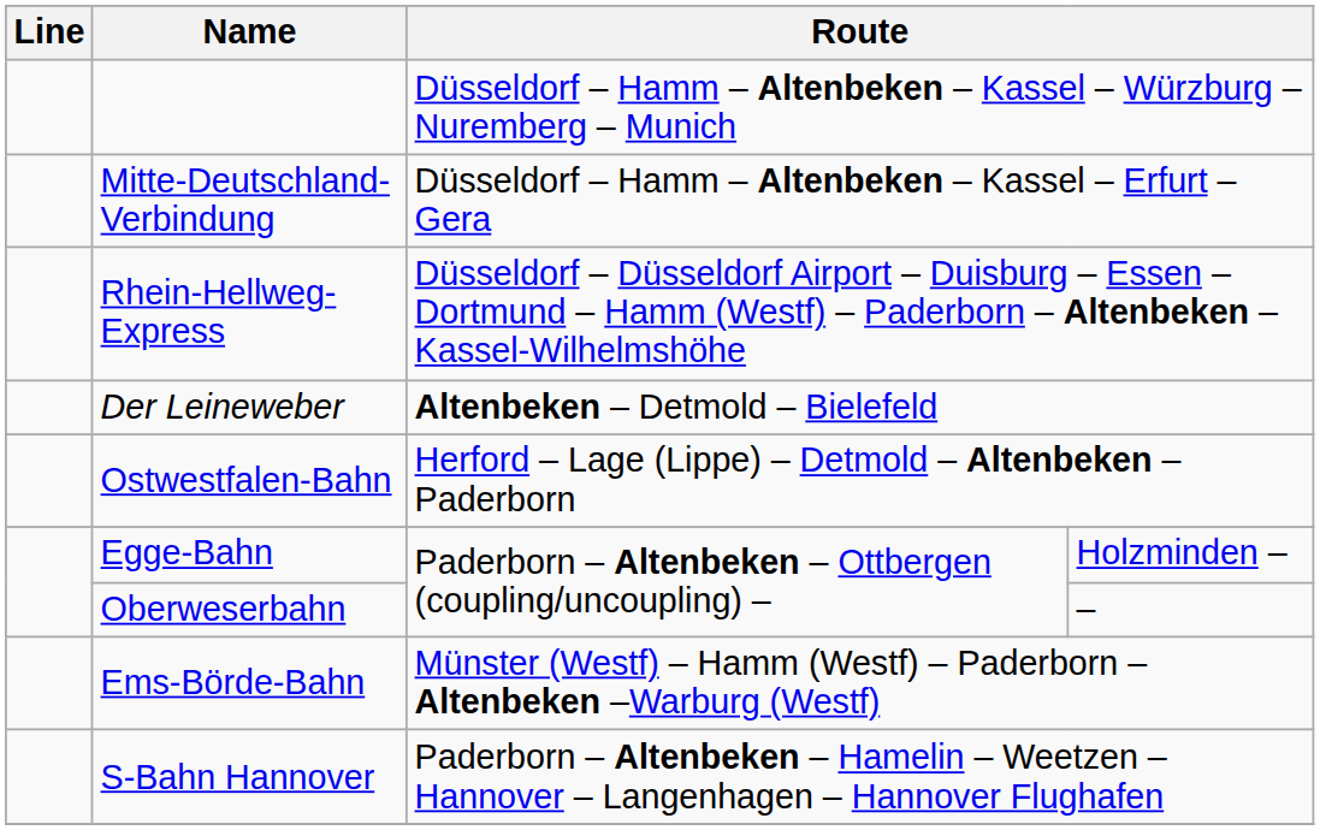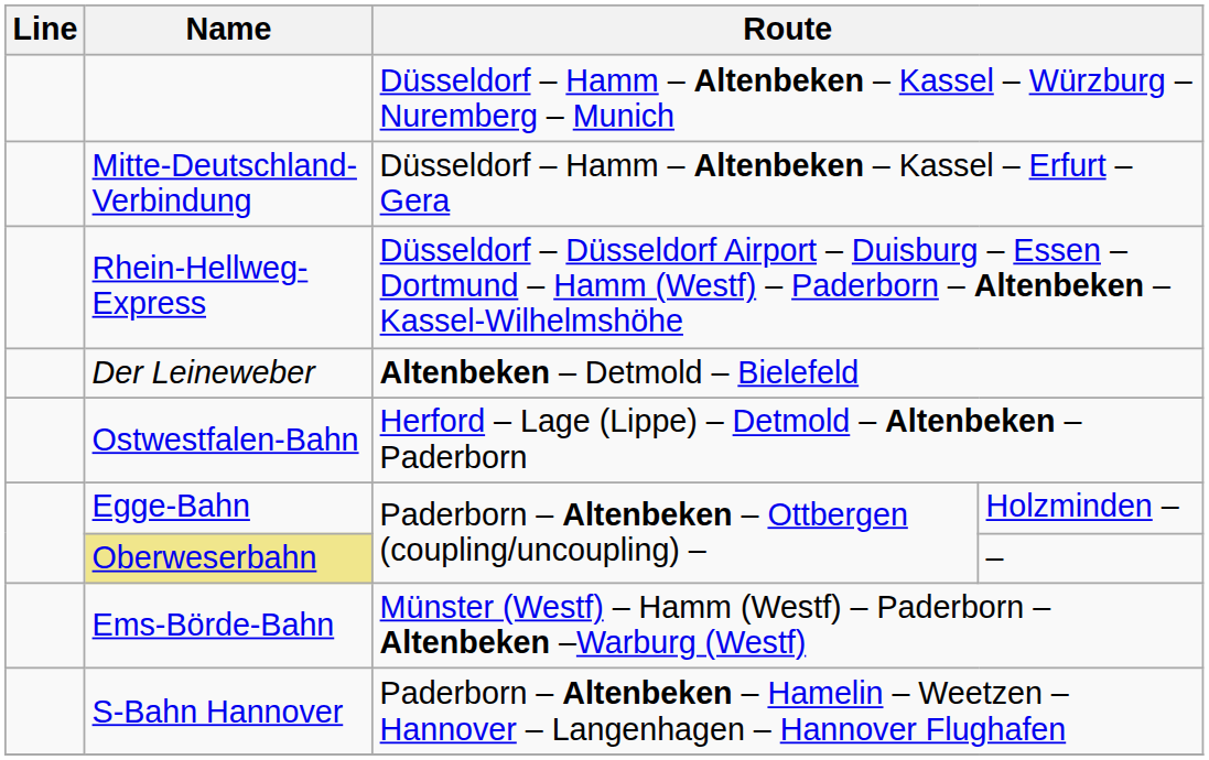 <table class="wikitable">
 <tr>
 <th>Line</th>
 <th>Name</th>
 <th colspan="2">Route</th>
 </tr>
 <tr>
 <td></td>
 <td></td>
 <td colspan="2"><a href='#'>Düsseldorf</a> – <a href='#'>Hamm</a> – <strong>Altenbeken</strong> – <a href='#'>Kassel</a> – <a href='#'>Würzburg</a> – <a href='#'>Nuremberg</a> – <a href='#'>Munich</a></td>
 </tr>
 <tr>
 <td></td>
 <td><a href='#'>Mitte-Deutschland-Verbindung</a></td>
 <td colspan="2">Düsseldorf – Hamm – <strong>Altenbeken</strong> – Kassel – <a href='#'>Erfurt</a> – <a href='#'>Gera</a></td>
 </tr>
 <tr>
 <td></td>
 <td><a href='#'>Rhein-Hellweg-Express</a></td>
 <td colspan="2"><a href='#'>Düsseldorf</a> – <a href='#'>Düsseldorf Airport</a> – <a href='#'>Duisburg</a> – <a href='#'>Essen</a> – <a href='#'>Dortmund</a> – <a href='#'>Hamm (Westf)</a> – <a href='#'>Paderborn</a> – <strong>Altenbeken</strong> – <a href='#'>Kassel-Wilhelmshöhe</a></td>
 </tr>
 <tr>
 <td></td>
 <td><em>Der Leineweber</em></td>
 <td colspan="2"><strong>Altenbeken</strong> – Detmold – <a href='#'>Bielefeld</a></td>
 </tr>
 <tr>
 <td></td>
 <td><a href='#'>Ostwestfalen-Bahn</a></td>
 <td colspan="2"><a href='#'>Herford</a> – Lage (Lippe) – <a href='#'>Detmold</a> – <strong>Altenbeken</strong> – Paderborn</td>
 </tr>
 <tr>
 <td rowspan="2"><br></td>
 <td><a href='#'>Egge-Bahn</a></td>
 <td rowspan="2">Paderborn – <strong>Altenbeken</strong> – <a href='#'>Ottbergen</a> (coupling/uncoupling) –</td>
 <td><a href='#'>Holzminden</a> – </td>
 </tr>
 <tr>
-<td><a href='#'>Oberweserbahn</a></td>
+<td style="background: khaki;"><a href='#'>Oberweserbahn</a></td>
 <td> – </td>
 </tr>
 <tr>
 <td></td>
 <td><a href='#'>Ems-Börde-Bahn</a></td>
 <td colspan="2"><a href='#'>Münster (Westf)</a> – Hamm (Westf) – Paderborn – <strong>Altenbeken</strong> –<a href='#'>Warburg (Westf)</a></td>
 </tr>
 <tr>
 <td></td>
 <td><a href='#'>S-Bahn Hannover</a></td>
 <td colspan="2">Paderborn – <strong>Altenbeken</strong> – <a href='#'>Hamelin</a> – Weetzen – <a href='#'>Hannover</a> – Langenhagen – <a href='#'>Hannover Flughafen</a></td>
 </tr>
 <tr>
 </tr>
 </table>
